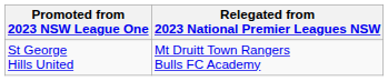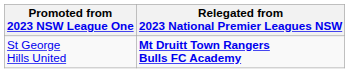 <table class="wikitable">
 <tr>
 <th><strong>Promoted from</strong> <br><strong><a href='#'>2023 NSW League One</a></strong></th>
 <th><strong>Relegated from <br><a href='#'>2023 National Premier Leagues NSW</a></strong></th>
 </tr>
 <tr>
 <td><a href='#'>St George</a><br><a href='#'>Hills United</a></td>
-<td><a href='#'>Mt Druitt Town Rangers</a><br><a href='#'>Bulls FC Academy</a></td>
+<td><strong><a href='#'>Mt Druitt Town Rangers</a><br><a href='#'>Bulls FC Academy</a></strong></td>
 </tr>
 </table>
